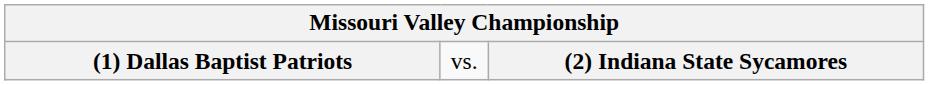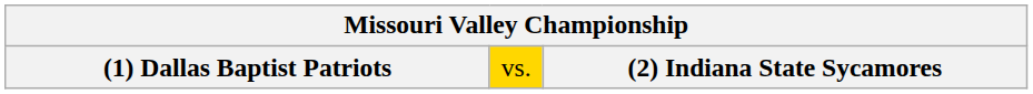 <table class="wikitable">
 <tr>
 <th style="width: 604px;" colspan=3>Missouri Valley Championship</th>
 </tr>
 <tr>
 <th style="width: 289px; ">(1) Dallas Baptist Patriots</th>
-<td style="width: 25px; text-align:center">vs.</td>
+<td style="background: gold; width: 25px; text-align:center">vs.</td>
 <th style="width: 289px; ">(2) Indiana State Sycamores</th>
 </tr>
 </table>
